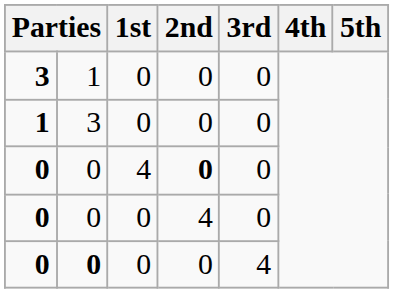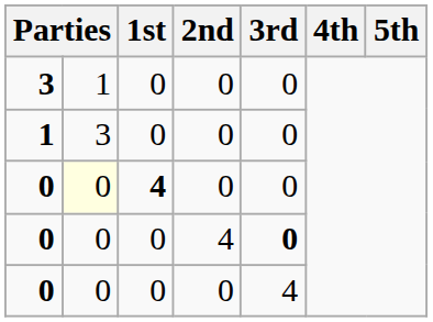 <table class="wikitable" style="text-align:right;">
 <tr>
 <th colspan=2 style="text-align:left;">Parties</th>
 <th>1st</th>
 <th>2nd</th>
 <th>3rd</th>
 <th>4th</th>
 <th>5th</th>
 </tr>
 <tr>
 <td><strong>3</strong></td>
 <td>1</td>
 <td>0</td>
 <td>0</td>
 <td>0</td>
 </tr>
 <tr>
 <td><strong>1</strong></td>
 <td>3</td>
 <td>0</td>
 <td>0</td>
 <td>0</td>
 </tr>
 <tr>
 <td><strong>0</strong></td>
+<td style="background: lightyellow;">0</td>
+<td><strong>4</strong></td>
 <td>0</td>
-<td>4</td>
-<td><strong>0</strong></td>
 <td>0</td>
 </tr>
 <tr>
 <td><strong>0</strong></td>
 <td>0</td>
 <td>0</td>
 <td>4</td>
-<td>0</td>
+<td><strong>0</strong></td>
 </tr>
 <tr>
 <td><strong>0</strong></td>
-<td><strong>0</strong></td>
+<td>0</td>
 <td>0</td>
 <td>0</td>
 <td>4</td>
 </tr>
 </table>
